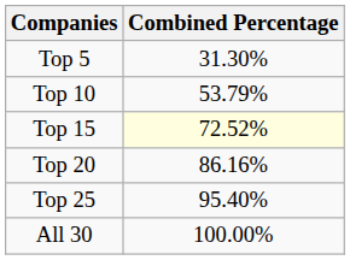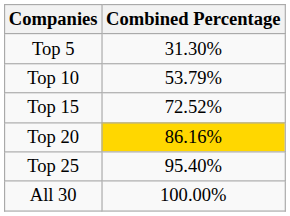 <table class="wikitable" style="text-align: center;">
 <tr>
 <th>Companies</th>
 <th>Combined Percentage</th>
 </tr>
 <tr>
 <td>Top 5</td>
 <td>31.30%</td>
 </tr>
 <tr>
 <td>Top 10</td>
 <td>53.79%</td>
 </tr>
 <tr>
 <td>Top 15</td>
-<td style="background: lightyellow;">72.52%</td>
+<td>72.52%</td>
 </tr>
 <tr>
 <td>Top 20</td>
-<td>86.16%</td>
+<td style="background: gold;">86.16%</td>
 </tr>
 <tr>
 <td>Top 25</td>
 <td>95.40%</td>
 </tr>
 <tr>
 <td>All 30</td>
 <td>100.00%</td>
 </tr>
 </table>
